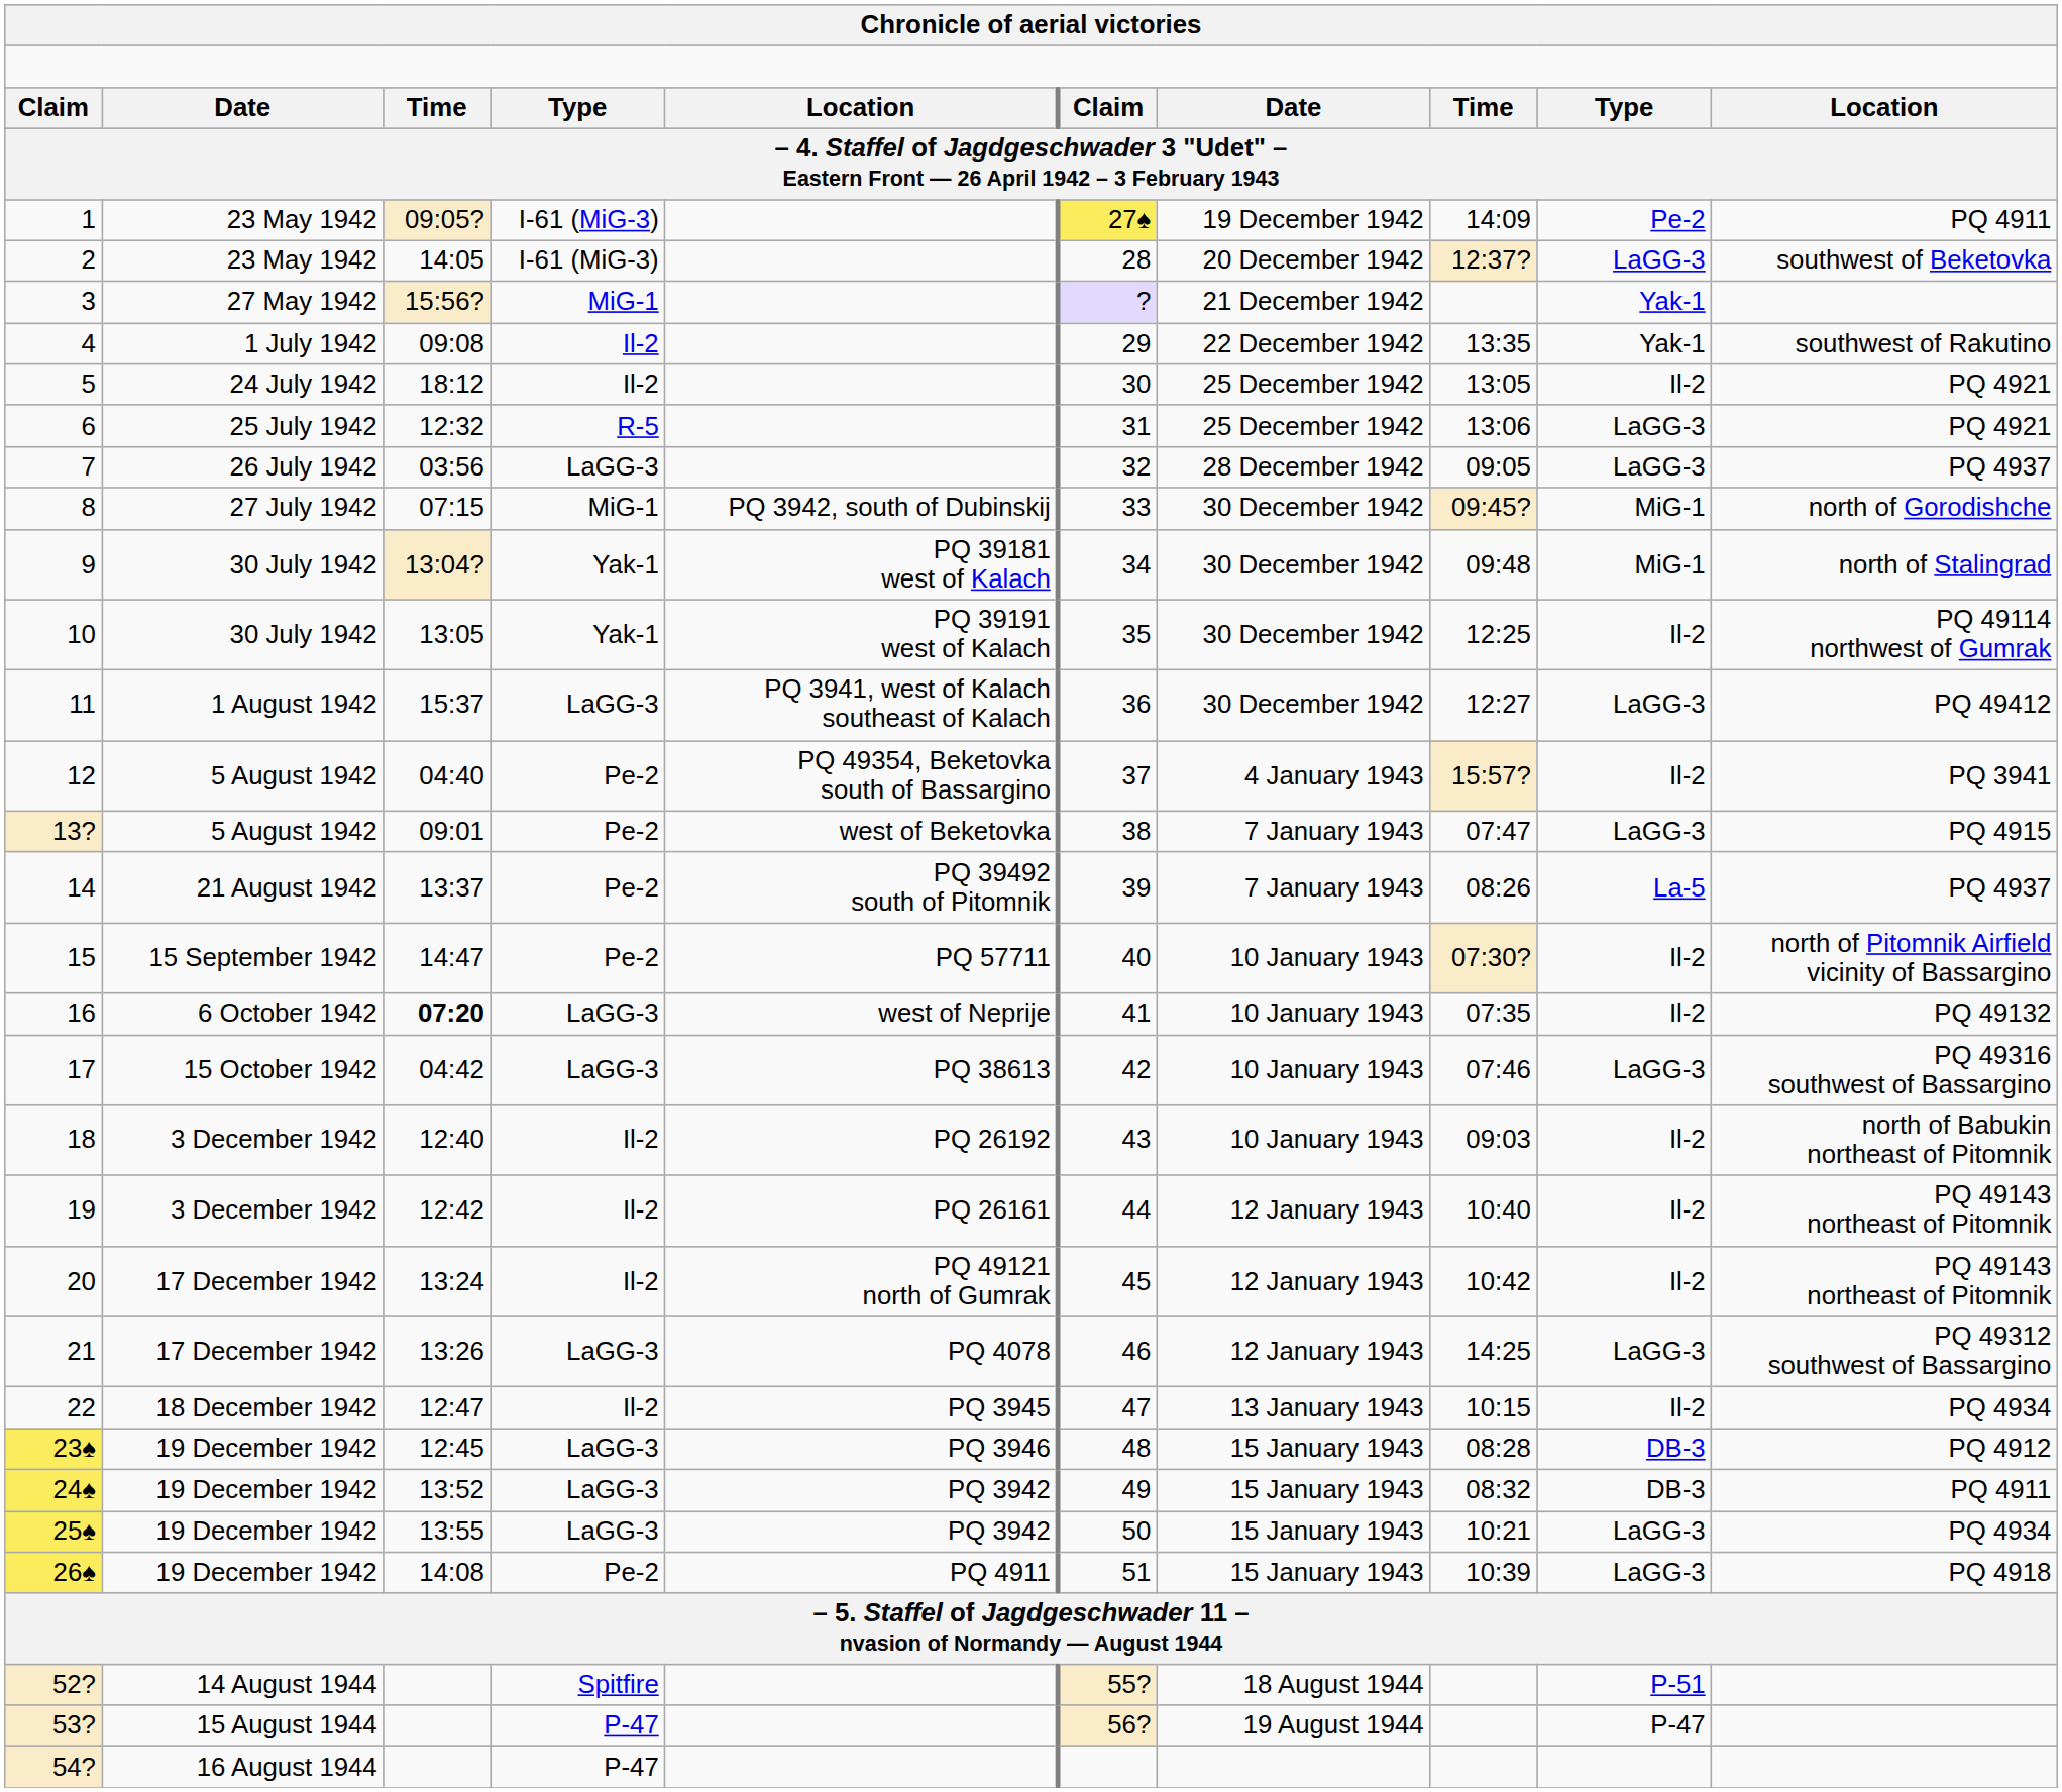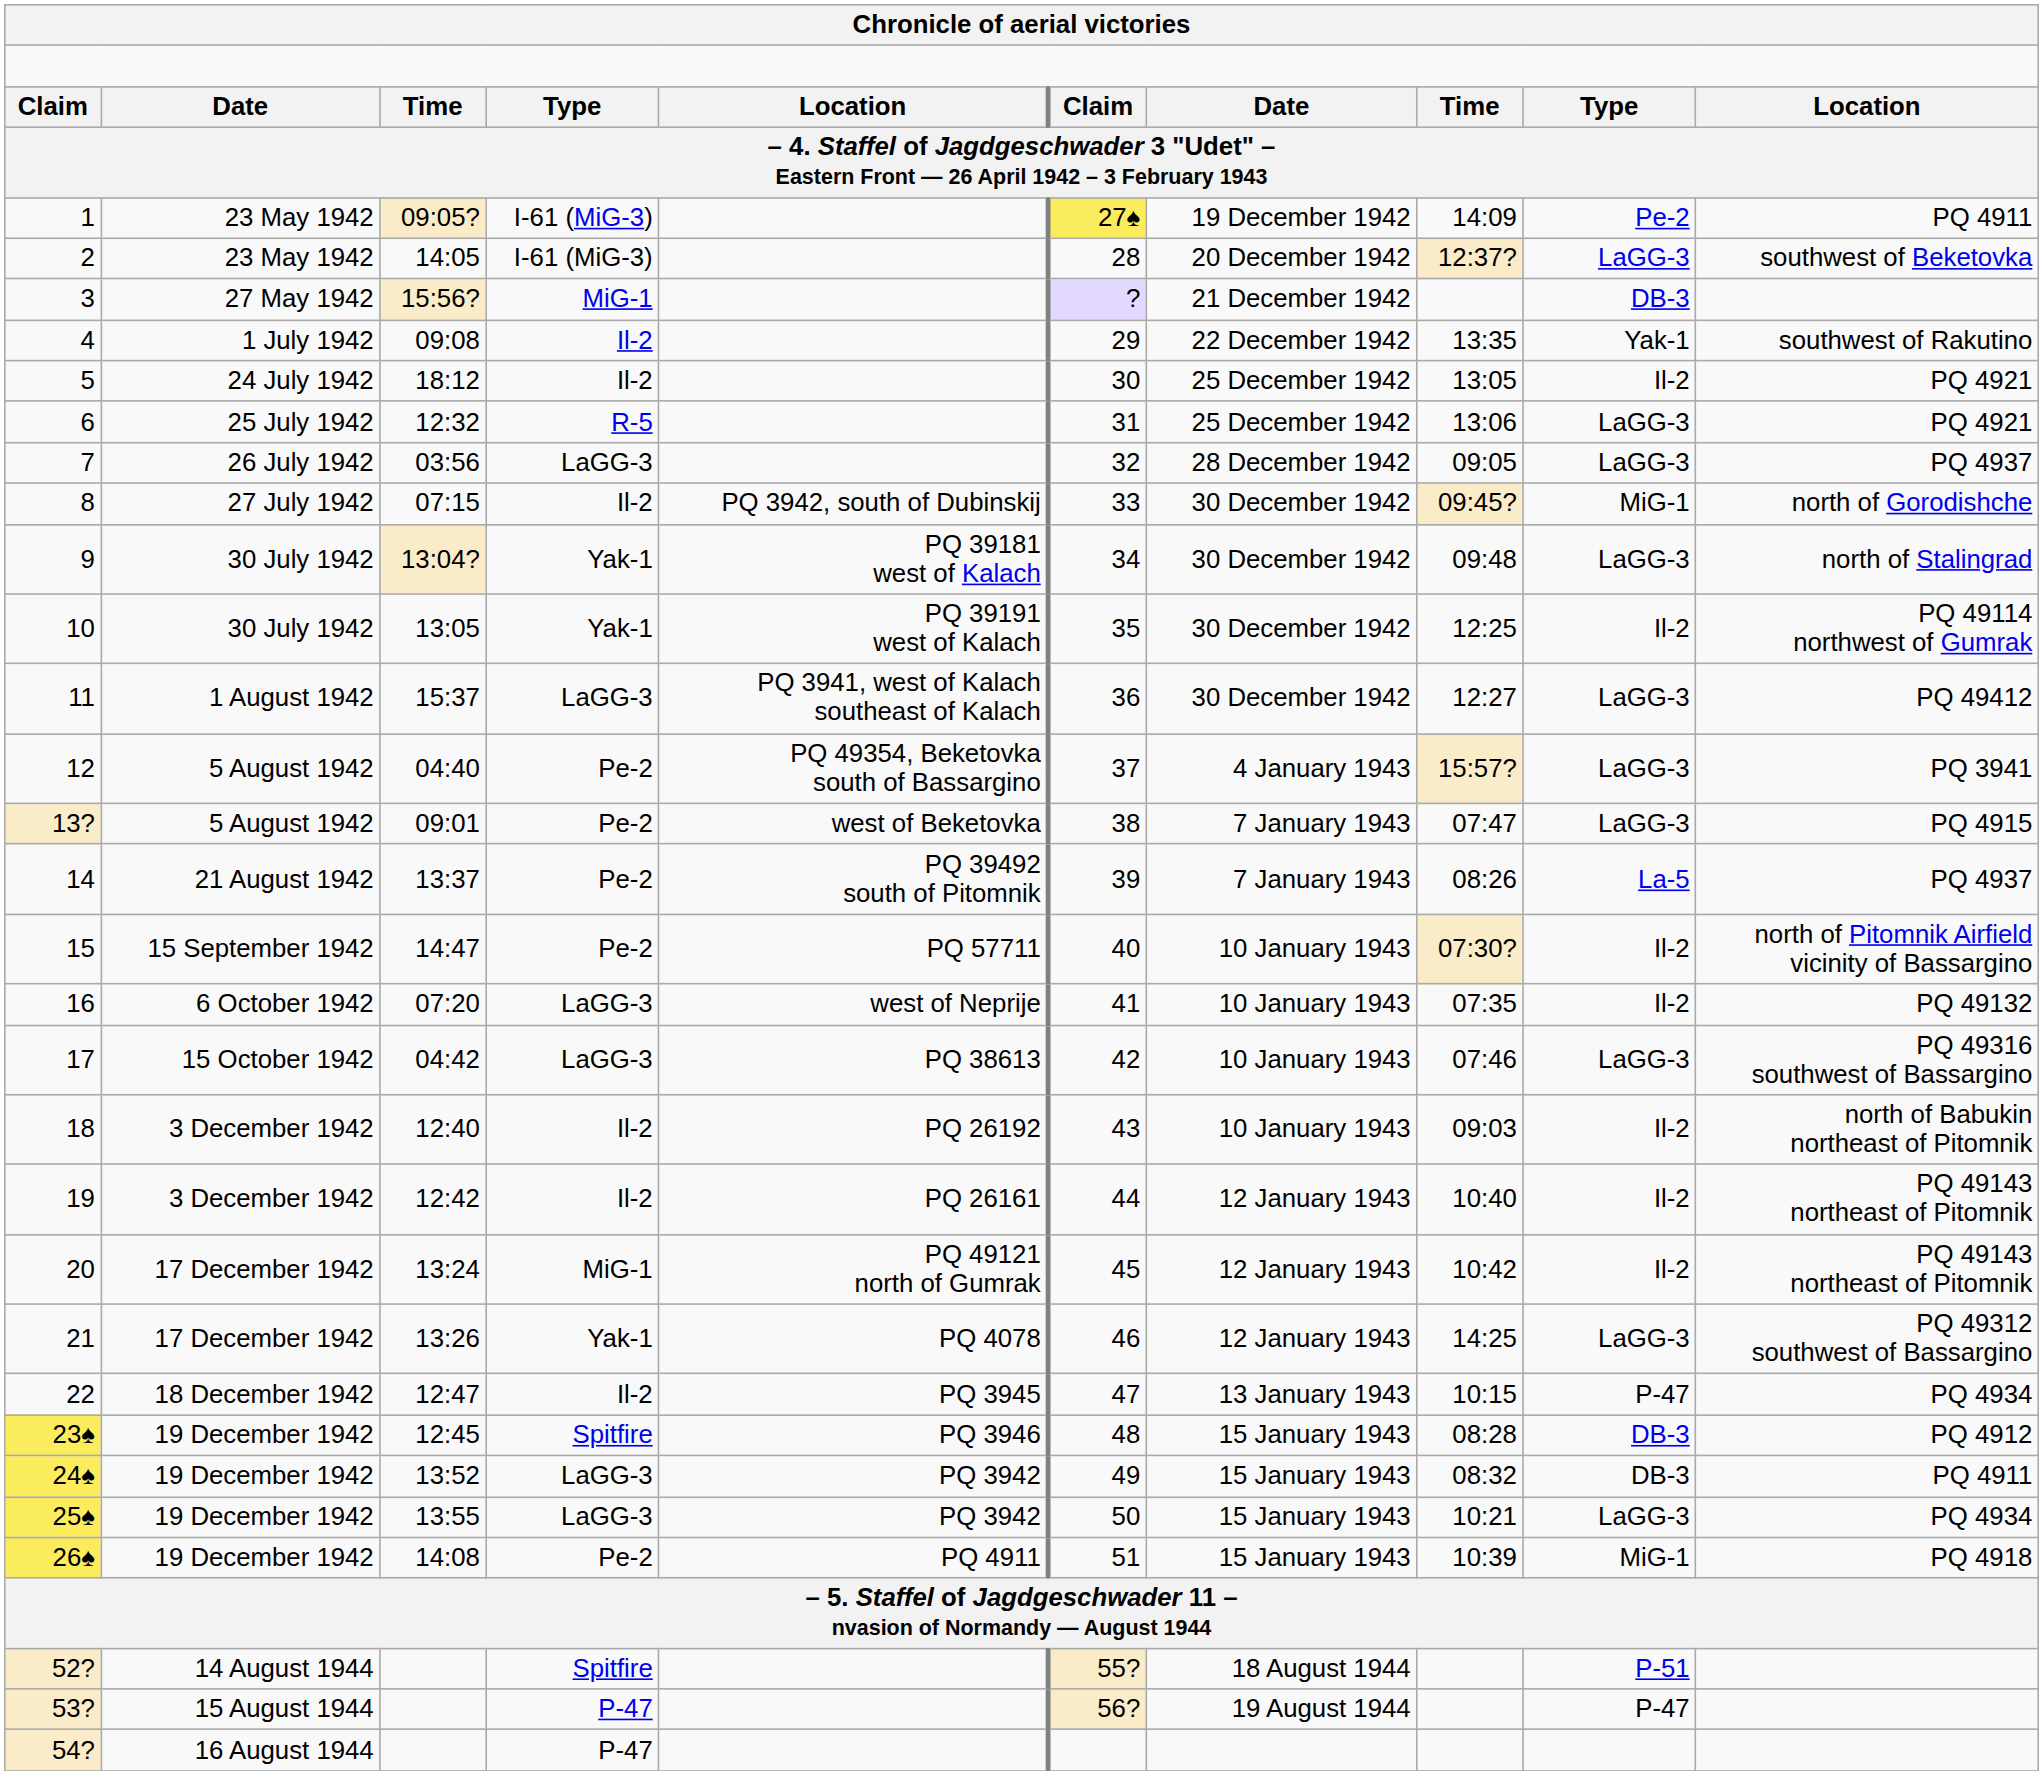 <table class="wikitable plainrowheaders collapsible" style="margin-left: auto; margin-right: auto; border: none; text-align:right; width: 100%;">
 <tr>
 <th colspan="10">Chronicle of aerial victories</th>
 </tr>
 <tr>
 <td colspan="10" style="text-align: left;"><br>  </td>
 </tr>
 <tr>
 <th scope="col">Claim</th>
 <th scope="col">Date</th>
 <th scope="col">Time</th>
 <th scope="col" width="100px">Type</th>
 <th scope="col">Location</th>
 <th scope="col" style="border-left: 3px solid grey;">Claim</th>
 <th scope="col">Date</th>
 <th scope="col">Time</th>
 <th scope="col" width="100px">Type</th>
 <th scope="col">Location</th>
 </tr>
 <tr>
 <th colspan="10">– 4. <em>Staffel</em> of <em>Jagdgeschwader</em> 3 "Udet" –<br><small>Eastern Front — 26 April 1942 – 3 February 1943</small></th>
 </tr>
 <tr>
 <td>1</td>
 <td>23 May 1942</td>
 <td style="background:#faecc8">09:05?</td>
 <td>I-61 (<a href='#'>MiG-3</a>)</td>
 <td></td>
 <td style="border-left: 3px solid grey; background:#fbec5d;">27♠</td>
 <td>19 December 1942</td>
 <td>14:09</td>
 <td><a href='#'>Pe-2</a></td>
 <td>PQ 4911</td>
 </tr>
 <tr>
 <td>2</td>
 <td>23 May 1942</td>
 <td>14:05</td>
 <td>I-61 (MiG-3)</td>
 <td></td>
 <td style="border-left: 3px solid grey;">28</td>
 <td>20 December 1942</td>
 <td style="background:#faecc8">12:37?</td>
 <td><a href='#'>LaGG-3</a></td>
 <td> southwest of <a href='#'>Beketovka</a></td>
 </tr>
 <tr>
 <td>3</td>
 <td>27 May 1942</td>
 <td style="background:#faecc8">15:56?</td>
 <td><a href='#'>MiG-1</a></td>
 <td></td>
 <td style="border-left: 3px solid grey; background:#e3d9ff;">?</td>
 <td>21 December 1942</td>
 <td></td>
-<td><a href='#'>Yak-1</a></td>
+<td><a href='#'>DB-3</a></td>
 <td></td>
 </tr>
 <tr>
 <td>4</td>
 <td>1 July 1942</td>
 <td>09:08</td>
 <td><a href='#'>Il-2</a></td>
 <td></td>
 <td style="border-left: 3px solid grey;">29</td>
 <td>22 December 1942</td>
 <td>13:35</td>
 <td>Yak-1</td>
 <td> southwest of Rakutino</td>
 </tr>
 <tr>
 <td>5</td>
 <td>24 July 1942</td>
 <td>18:12</td>
 <td>Il-2</td>
 <td></td>
 <td style="border-left: 3px solid grey;">30</td>
 <td>25 December 1942</td>
 <td>13:05</td>
 <td>Il-2</td>
 <td>PQ 4921</td>
 </tr>
 <tr>
 <td>6</td>
 <td>25 July 1942</td>
 <td>12:32</td>
 <td><a href='#'>R-5</a></td>
 <td></td>
 <td style="border-left: 3px solid grey;">31</td>
 <td>25 December 1942</td>
 <td>13:06</td>
 <td>LaGG-3</td>
 <td>PQ 4921</td>
 </tr>
 <tr>
 <td>7</td>
 <td>26 July 1942</td>
 <td>03:56</td>
 <td>LaGG-3</td>
 <td></td>
 <td style="border-left: 3px solid grey;">32</td>
 <td>28 December 1942</td>
 <td>09:05</td>
 <td>LaGG-3</td>
 <td>PQ 4937</td>
 </tr>
 <tr>
 <td>8</td>
 <td>27 July 1942</td>
 <td>07:15</td>
-<td>MiG-1</td>
+<td>Il-2</td>
 <td>PQ 3942, south of Dubinskij</td>
 <td style="border-left: 3px solid grey;">33</td>
 <td>30 December 1942</td>
 <td style="background:#faecc8">09:45?</td>
 <td>MiG-1</td>
 <td> north of <a href='#'>Gorodishche</a></td>
 </tr>
 <tr>
 <td>9</td>
 <td>30 July 1942</td>
 <td style="background:#faecc8">13:04?</td>
 <td>Yak-1</td>
 <td>PQ 39181<br> west of <a href='#'>Kalach</a></td>
 <td style="border-left: 3px solid grey;">34</td>
 <td>30 December 1942</td>
 <td>09:48</td>
-<td>MiG-1</td>
+<td>LaGG-3</td>
 <td> north of <a href='#'>Stalingrad</a></td>
 </tr>
 <tr>
 <td>10</td>
 <td>30 July 1942</td>
 <td>13:05</td>
 <td>Yak-1</td>
 <td>PQ 39191<br> west of Kalach</td>
 <td style="border-left: 3px solid grey;">35</td>
 <td>30 December 1942</td>
 <td>12:25</td>
 <td>Il-2</td>
 <td>PQ 49114<br> northwest of <a href='#'>Gumrak</a></td>
 </tr>
 <tr>
 <td>11</td>
 <td>1 August 1942</td>
 <td>15:37</td>
 <td>LaGG-3</td>
 <td>PQ 3941, west of Kalach<br> southeast of Kalach</td>
 <td style="border-left: 3px solid grey;">36</td>
 <td>30 December 1942</td>
 <td>12:27</td>
 <td>LaGG-3</td>
 <td>PQ 49412</td>
 </tr>
 <tr>
 <td>12</td>
 <td>5 August 1942</td>
 <td>04:40</td>
 <td>Pe-2</td>
 <td>PQ 49354, Beketovka<br> south of Bassargino</td>
 <td style="border-left: 3px solid grey;">37</td>
 <td>4 January 1943</td>
 <td style="background:#faecc8">15:57?</td>
-<td>Il-2</td>
+<td>LaGG-3</td>
 <td>PQ 3941</td>
 </tr>
 <tr>
 <td style="background:#faecc8">13?</td>
 <td>5 August 1942</td>
 <td>09:01</td>
 <td>Pe-2</td>
 <td> west of Beketovka</td>
 <td style="border-left: 3px solid grey;">38</td>
 <td>7 January 1943</td>
 <td>07:47</td>
 <td>LaGG-3</td>
 <td>PQ 4915</td>
 </tr>
 <tr>
 <td>14</td>
 <td>21 August 1942</td>
 <td>13:37</td>
 <td>Pe-2</td>
 <td>PQ 39492<br> south of Pitomnik</td>
 <td style="border-left: 3px solid grey;">39</td>
 <td>7 January 1943</td>
 <td>08:26</td>
 <td><a href='#'>La-5</a></td>
 <td>PQ 4937</td>
 </tr>
 <tr>
 <td>15</td>
 <td>15 September 1942</td>
 <td>14:47</td>
 <td>Pe-2</td>
 <td>PQ 57711</td>
 <td style="border-left: 3px solid grey;">40</td>
 <td>10 January 1943</td>
 <td style="background:#faecc8">07:30?</td>
 <td>Il-2</td>
 <td> north of <a href='#'>Pitomnik Airfield</a><br>vicinity of Bassargino</td>
 </tr>
 <tr>
 <td>16</td>
 <td>6 October 1942</td>
-<td><strong>07:20</strong></td>
+<td>07:20</td>
 <td>LaGG-3</td>
 <td> west of Neprije</td>
 <td style="border-left: 3px solid grey;">41</td>
 <td>10 January 1943</td>
 <td>07:35</td>
 <td>Il-2</td>
 <td>PQ 49132</td>
 </tr>
 <tr>
 <td>17</td>
 <td>15 October 1942</td>
 <td>04:42</td>
 <td>LaGG-3</td>
 <td>PQ 38613</td>
 <td style="border-left: 3px solid grey;">42</td>
 <td>10 January 1943</td>
 <td>07:46</td>
 <td>LaGG-3</td>
 <td>PQ 49316<br> southwest of Bassargino</td>
 </tr>
 <tr>
 <td>18</td>
 <td>3 December 1942</td>
 <td>12:40</td>
 <td>Il-2</td>
 <td>PQ 26192</td>
 <td style="border-left: 3px solid grey;">43</td>
 <td>10 January 1943</td>
 <td>09:03</td>
 <td>Il-2</td>
 <td> north of Babukin<br> northeast of Pitomnik</td>
 </tr>
 <tr>
 <td>19</td>
 <td>3 December 1942</td>
 <td>12:42</td>
 <td>Il-2</td>
 <td>PQ 26161</td>
 <td style="border-left: 3px solid grey;">44</td>
 <td>12 January 1943</td>
 <td>10:40</td>
 <td>Il-2</td>
 <td>PQ 49143<br> northeast of Pitomnik</td>
 </tr>
 <tr>
 <td>20</td>
 <td>17 December 1942</td>
 <td>13:24</td>
-<td>Il-2</td>
+<td>MiG-1</td>
 <td>PQ 49121<br> north of Gumrak</td>
 <td style="border-left: 3px solid grey;">45</td>
 <td>12 January 1943</td>
 <td>10:42</td>
 <td>Il-2</td>
 <td>PQ 49143<br> northeast of Pitomnik</td>
 </tr>
 <tr>
 <td>21</td>
 <td>17 December 1942</td>
 <td>13:26</td>
-<td>LaGG-3</td>
+<td>Yak-1</td>
 <td>PQ 4078</td>
 <td style="border-left: 3px solid grey;">46</td>
 <td>12 January 1943</td>
 <td>14:25</td>
 <td>LaGG-3</td>
 <td>PQ 49312<br> southwest of Bassargino</td>
 </tr>
 <tr>
 <td>22</td>
 <td>18 December 1942</td>
 <td>12:47</td>
 <td>Il-2</td>
 <td>PQ 3945</td>
 <td style="border-left: 3px solid grey;">47</td>
 <td>13 January 1943</td>
 <td>10:15</td>
-<td>Il-2</td>
+<td>P-47</td>
 <td>PQ 4934</td>
 </tr>
 <tr>
 <td style="background:#fbec5d;">23♠</td>
 <td>19 December 1942</td>
 <td>12:45</td>
-<td>LaGG-3</td>
+<td><a href='#'>Spitfire</a></td>
 <td>PQ 3946</td>
 <td style="border-left: 3px solid grey;">48</td>
 <td>15 January 1943</td>
 <td>08:28</td>
 <td><a href='#'>DB-3</a></td>
 <td>PQ 4912</td>
 </tr>
 <tr>
 <td style="background:#fbec5d;">24♠</td>
 <td>19 December 1942</td>
 <td>13:52</td>
 <td>LaGG-3</td>
 <td>PQ 3942</td>
 <td style="border-left: 3px solid grey;">49</td>
 <td>15 January 1943</td>
 <td>08:32</td>
 <td>DB-3</td>
 <td>PQ 4911</td>
 </tr>
 <tr>
 <td style="background:#fbec5d;">25♠</td>
 <td>19 December 1942</td>
 <td>13:55</td>
 <td>LaGG-3</td>
 <td>PQ 3942</td>
 <td style="border-left: 3px solid grey;">50</td>
 <td>15 January 1943</td>
 <td>10:21</td>
 <td>LaGG-3</td>
 <td>PQ 4934</td>
 </tr>
 <tr>
 <td style="background:#fbec5d;">26♠</td>
 <td>19 December 1942</td>
 <td>14:08</td>
 <td>Pe-2</td>
 <td>PQ 4911</td>
 <td style="border-left: 3px solid grey;">51</td>
 <td>15 January 1943</td>
 <td>10:39</td>
-<td>LaGG-3</td>
+<td>MiG-1</td>
 <td>PQ 4918</td>
 </tr>
 <tr>
 <th colspan="10">– 5. <em>Staffel</em> of <em>Jagdgeschwader</em> 11 –<br><small>nvasion of Normandy — August 1944</small></th>
 </tr>
 <tr>
 <td style="background:#faecc8">52?</td>
 <td>14 August 1944</td>
 <td></td>
 <td><a href='#'>Spitfire</a></td>
 <td></td>
 <td style="border-left: 3px solid grey; background:#faecc8">55?</td>
 <td>18 August 1944</td>
 <td></td>
 <td><a href='#'>P-51</a></td>
 <td></td>
 </tr>
 <tr>
 <td style="background:#faecc8">53?</td>
 <td>15 August 1944</td>
 <td></td>
 <td><a href='#'>P-47</a></td>
 <td></td>
 <td style="border-left: 3px solid grey; background:#faecc8">56?</td>
 <td>19 August 1944</td>
 <td></td>
 <td>P-47</td>
 <td></td>
 </tr>
 <tr>
 <td style="background:#faecc8">54?</td>
 <td>16 August 1944</td>
 <td></td>
 <td>P-47</td>
 <td></td>
 <td style="border-left: 3px solid grey;"></td>
 <td></td>
 <td></td>
 <td></td>
 <td></td>
 </tr>
 </table>
